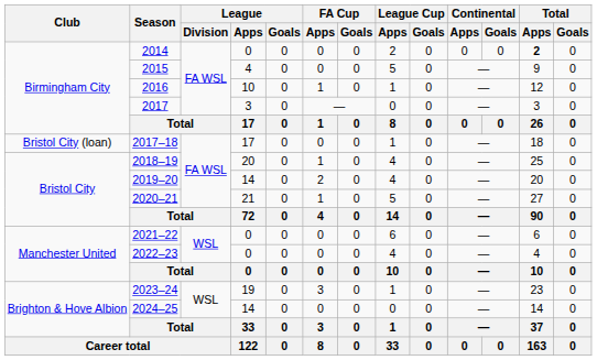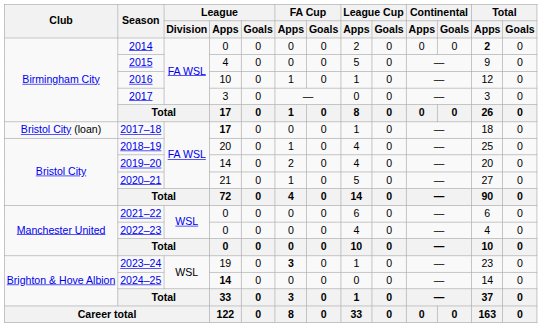 <table class="wikitable" style="text-align:center">
 <tr>
 <th rowspan="2">Club</th>
 <th rowspan="2">Season</th>
 <th colspan="3">League</th>
 <th colspan="2">FA Cup</th>
 <th colspan="2">League Cup</th>
 <th colspan="2">Continental</th>
 <th colspan="2">Total</th>
 </tr>
 <tr>
 <th>Division</th>
 <th>Apps</th>
 <th>Goals</th>
 <th>Apps</th>
 <th>Goals</th>
 <th>Apps</th>
 <th>Goals</th>
 <th>Apps</th>
 <th>Goals</th>
 <th>Apps</th>
 <th>Goals</th>
 </tr>
 <tr>
 <td rowspan="5"><a href='#'>Birmingham City</a></td>
 <td><a href='#'>2014</a></td>
 <td rowspan="4"><a href='#'>FA WSL</a></td>
 <td>0</td>
 <td>0</td>
 <td>0</td>
 <td>0</td>
 <td>2</td>
 <td>0</td>
 <td>0</td>
 <td>0</td>
 <td><strong>2</strong></td>
 <td>0</td>
 </tr>
 <tr>
 <td><a href='#'>2015</a></td>
 <td>4</td>
 <td>0</td>
 <td>0</td>
 <td>0</td>
 <td>5</td>
 <td>0</td>
 <td colspan="2">—</td>
 <td>9</td>
 <td>0</td>
 </tr>
 <tr>
 <td><a href='#'>2016</a></td>
 <td>10</td>
 <td>0</td>
 <td>1</td>
 <td>0</td>
 <td>1</td>
 <td>0</td>
 <td colspan="2">—</td>
 <td>12</td>
 <td>0</td>
 </tr>
 <tr>
 <td><a href='#'>2017</a></td>
 <td>3</td>
 <td>0</td>
 <td colspan="2">—</td>
 <td>0</td>
 <td>0</td>
 <td colspan="2">—</td>
 <td>3</td>
 <td>0</td>
 </tr>
 <tr>
 <th colspan="2">Total</th>
 <th>17</th>
 <th>0</th>
 <th>1</th>
 <th>0</th>
 <th>8</th>
 <th>0</th>
 <th>0</th>
 <th>0</th>
 <th>26</th>
 <th>0</th>
 </tr>
 <tr>
 <td><a href='#'>Bristol City</a> (loan)</td>
 <td><a href='#'>2017–18</a></td>
 <td rowspan="4"><a href='#'>FA WSL</a></td>
-<td>17</td>
+<td><strong>17</strong></td>
 <td>0</td>
 <td>0</td>
 <td>0</td>
 <td>1</td>
 <td>0</td>
 <td colspan="2">—</td>
 <td>18</td>
 <td>0</td>
 </tr>
 <tr>
 <td rowspan="4"><a href='#'>Bristol City</a></td>
 <td><a href='#'>2018–19</a></td>
 <td>20</td>
 <td>0</td>
 <td>1</td>
 <td>0</td>
 <td>4</td>
 <td>0</td>
 <td colspan="2">—</td>
 <td>25</td>
 <td>0</td>
 </tr>
 <tr>
 <td><a href='#'>2019–20</a></td>
 <td>14</td>
 <td>0</td>
 <td>2</td>
 <td>0</td>
 <td>4</td>
 <td>0</td>
 <td colspan="2">—</td>
 <td>20</td>
 <td>0</td>
 </tr>
 <tr>
 <td><a href='#'>2020–21</a></td>
 <td>21</td>
 <td>0</td>
 <td>1</td>
 <td>0</td>
 <td>5</td>
 <td>0</td>
 <td colspan="2">—</td>
 <td>27</td>
 <td>0</td>
 </tr>
 <tr>
 <th colspan="2">Total</th>
 <th>72</th>
 <th>0</th>
 <th>4</th>
 <th>0</th>
 <th>14</th>
 <th>0</th>
 <th colspan="2">—</th>
 <th>90</th>
 <th>0</th>
 </tr>
 <tr>
 <td rowspan="3"><a href='#'>Manchester United</a></td>
 <td><a href='#'>2021–22</a></td>
 <td rowspan="2"><a href='#'>WSL</a></td>
 <td>0</td>
 <td>0</td>
 <td>0</td>
 <td>0</td>
 <td>6</td>
 <td>0</td>
 <td colspan="2">—</td>
 <td>6</td>
 <td>0</td>
 </tr>
 <tr>
 <td><a href='#'>2022–23</a></td>
 <td>0</td>
 <td>0</td>
 <td>0</td>
 <td>0</td>
 <td>4</td>
 <td>0</td>
 <td colspan="2">—</td>
 <td>4</td>
 <td>0</td>
 </tr>
 <tr>
 <th colspan="2">Total</th>
 <th>0</th>
 <th>0</th>
 <th>0</th>
 <th>0</th>
 <th>10</th>
 <th>0</th>
 <th colspan="2">—</th>
 <th>10</th>
 <th>0</th>
 </tr>
 <tr>
 <td rowspan="3"><a href='#'>Brighton & Hove Albion</a></td>
 <td><a href='#'>2023–24</a></td>
 <td rowspan="2">WSL</td>
 <td>19</td>
 <td>0</td>
-<td>3</td>
+<td><strong>3</strong></td>
 <td>0</td>
 <td>1</td>
 <td>0</td>
 <td colspan="2">—</td>
 <td>23</td>
 <td>0</td>
 </tr>
 <tr>
 <td><a href='#'>2024–25</a></td>
-<td>14</td>
+<td><strong>14</strong></td>
 <td>0</td>
 <td>0</td>
 <td>0</td>
 <td>0</td>
 <td>0</td>
 <td colspan="2">—</td>
 <td>14</td>
 <td>0</td>
 </tr>
 <tr>
 <th colspan="2">Total</th>
 <th>33</th>
 <th>0</th>
 <th>3</th>
 <th>0</th>
 <th>1</th>
 <th>0</th>
 <th colspan="2">—</th>
 <th>37</th>
 <th>0</th>
 </tr>
 <tr>
 <th colspan="3">Career total</th>
 <th>122</th>
 <th>0</th>
 <th>8</th>
 <th>0</th>
 <th>33</th>
 <th>0</th>
 <th>0</th>
 <th>0</th>
 <th>163</th>
 <th>0</th>
 </tr>
 </table>
